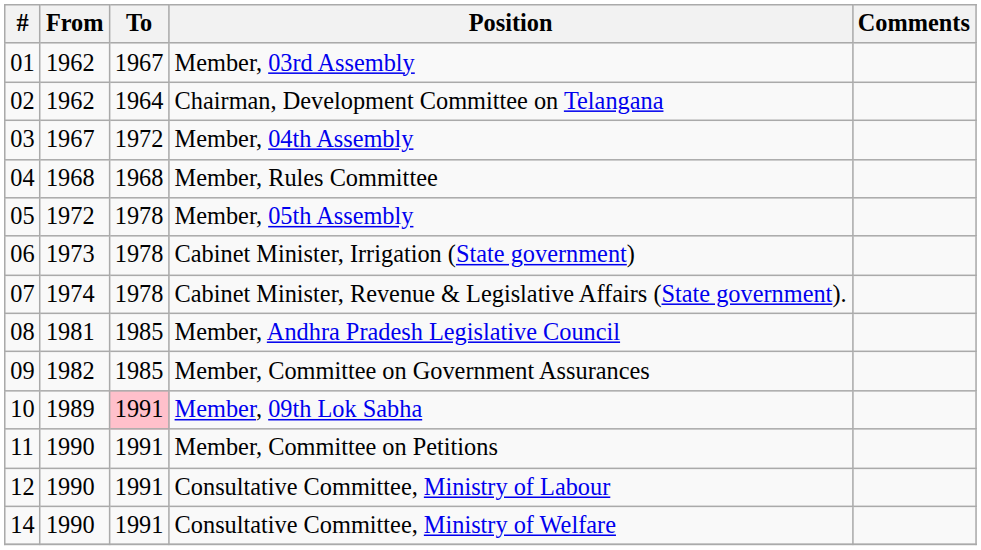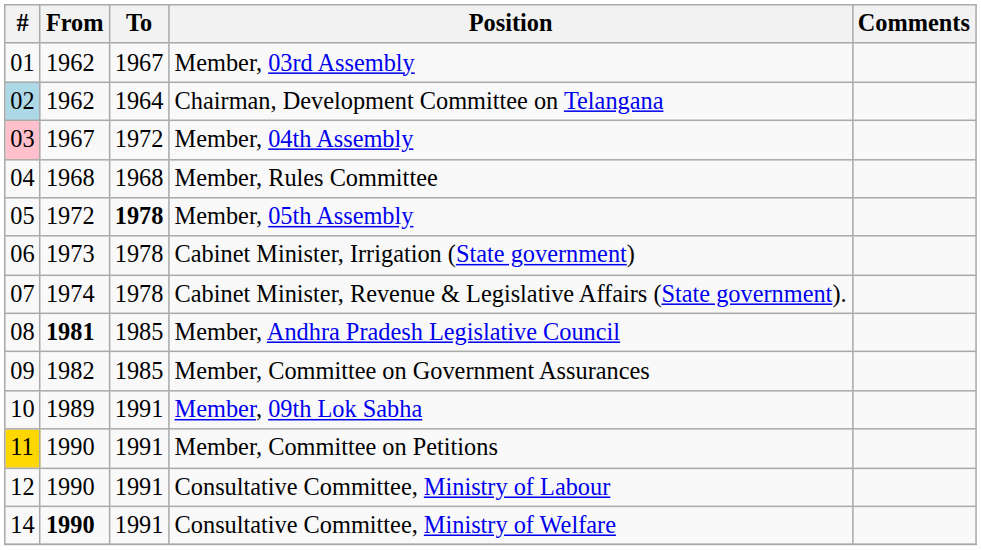 <table class="wikitable sortable">
 <tr>
 <th>#</th>
 <th>From</th>
 <th>To</th>
 <th>Position</th>
 <th>Comments</th>
 </tr>
 <tr>
 <td>01</td>
 <td>1962</td>
 <td>1967</td>
 <td>Member, <a href='#'>03rd Assembly</a></td>
 <td></td>
 </tr>
 <tr>
-<td>02</td>
+<td style="background: lightblue;">02</td>
 <td>1962</td>
 <td>1964</td>
 <td>Chairman, Development Committee on <a href='#'>Telangana</a></td>
 <td></td>
 </tr>
 <tr>
-<td>03</td>
+<td style="background: pink;">03</td>
 <td>1967</td>
 <td>1972</td>
 <td>Member, <a href='#'>04th Assembly</a></td>
 <td></td>
 </tr>
 <tr>
 <td>04</td>
 <td>1968</td>
 <td>1968</td>
 <td>Member, Rules Committee</td>
 <td></td>
 </tr>
 <tr>
 <td>05</td>
 <td>1972</td>
-<td>1978</td>
+<td><strong>1978</strong></td>
 <td>Member, <a href='#'>05th Assembly</a></td>
 <td></td>
 </tr>
 <tr>
 <td>06</td>
 <td>1973</td>
 <td>1978</td>
 <td>Cabinet Minister, Irrigation (<a href='#'>State government</a>)</td>
 <td></td>
 </tr>
 <tr>
 <td>07</td>
 <td>1974</td>
 <td>1978</td>
 <td>Cabinet Minister, Revenue & Legislative Affairs (<a href='#'>State government</a>).</td>
 <td></td>
 </tr>
 <tr>
 <td>08</td>
-<td>1981</td>
+<td><strong>1981</strong></td>
 <td>1985</td>
 <td>Member, <a href='#'>Andhra Pradesh Legislative Council</a></td>
 <td></td>
 </tr>
 <tr>
 <td>09</td>
 <td>1982</td>
 <td>1985</td>
 <td>Member, Committee on Government Assurances</td>
 <td></td>
 </tr>
 <tr>
 <td>10</td>
 <td>1989</td>
-<td style="background: pink;">1991</td>
+<td>1991</td>
 <td><a href='#'>Member</a>, <a href='#'>09th Lok Sabha</a></td>
 <td></td>
 </tr>
 <tr>
-<td>11</td>
+<td style="background: gold;">11</td>
 <td>1990</td>
 <td>1991</td>
 <td>Member, Committee on Petitions</td>
 <td></td>
 </tr>
 <tr>
 <td>12</td>
 <td>1990</td>
 <td>1991</td>
 <td>Consultative Committee, <a href='#'>Ministry of Labour</a></td>
 <td></td>
 </tr>
 <tr>
 <td>14</td>
-<td>1990</td>
+<td><strong>1990</strong></td>
 <td>1991</td>
 <td>Consultative Committee, <a href='#'>Ministry of Welfare</a></td>
 <td></td>
 </tr>
 <tr>
 </tr>
 </table>
